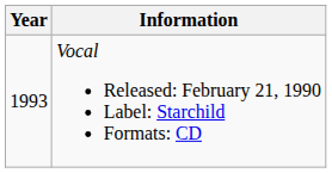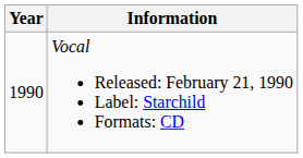 <table class="wikitable">
 <tr>
 <th>Year</th>
 <th>Information</th>
 </tr>
 <tr>
-<td>1993</td>
+<td>1990</td>
 <td><em>Vocal</em><br><ul><li>Released: February 21, 1990</li><li>Label: <a href='#'>Starchild</a></li><li>Formats: <a href='#'>CD</a></li></ul></td>
 </tr>
 </table>
